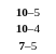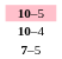 <table style="text-align:center" width=500>
 <tr>
 <th width=30%></th>
 <th width=10%></th>
 <th width=30%></th>
 <th width=10%></th>
 </tr>
 <tr>
 <td align="right"><strong></strong></td>
-<td><strong>10</strong>–5</td>
+<td style="background: pink;"><strong>10</strong>–5</td>
 <td align="left"></td>
 </tr>
 <tr>
 <td align="right"><strong></strong></td>
 <td><strong>10</strong>–4</td>
 <td align="left"></td>
 </tr>
 <tr>
 <td align="right"><strong></strong></td>
 <td><strong>7</strong>–5</td>
 <td align="left"></td>
 </tr>
 </table>
